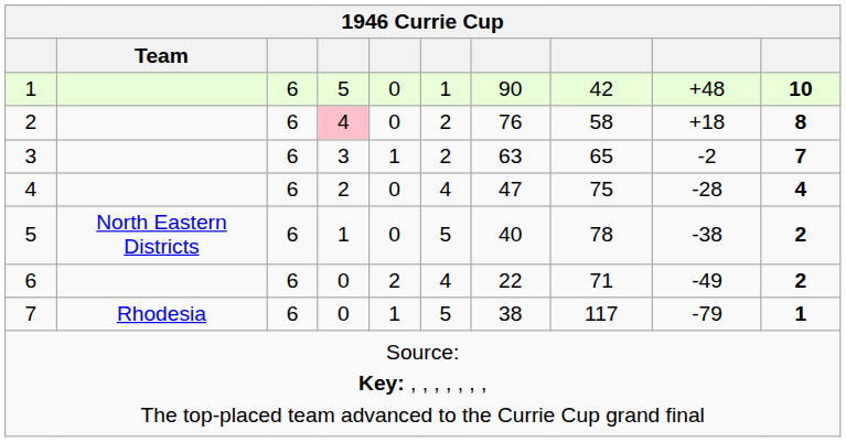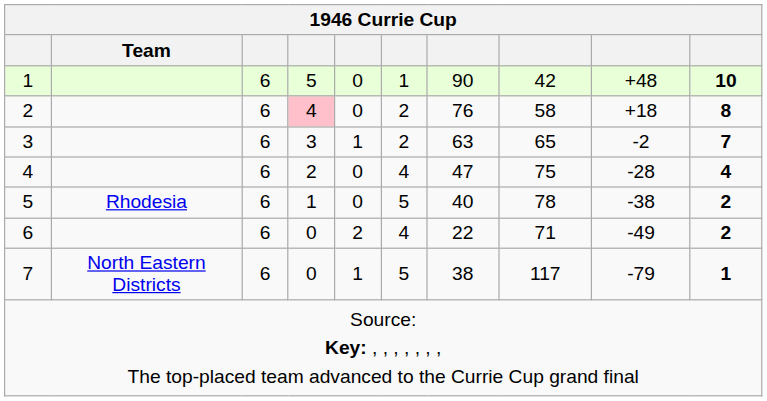 <table class="wikitable" style="min-width:50%; text-align:center">
 <tr>
 <th colspan="100%"><strong>1946 Currie Cup</strong></th>
 </tr>
 <tr>
 <th style="padding:0;"></th>
 <th style="width:9.5em;">Team</th>
 <th></th>
 <th></th>
 <th></th>
 <th></th>
 <th></th>
 <th></th>
 <th></th>
 <th><br></th>
 </tr>
 <tr style="background:#E8FFD8;">
 <td>1</td>
 <td align=left></td>
 <td>6</td>
 <td>5</td>
 <td>0</td>
 <td>1</td>
 <td>90</td>
 <td>42</td>
 <td>+48</td>
 <td><strong>10</strong></td>
 </tr>
 <tr>
 <td>2</td>
 <td align=left></td>
 <td>6</td>
 <td style="background: pink;">4</td>
 <td>0</td>
 <td>2</td>
 <td>76</td>
 <td>58</td>
 <td>+18</td>
 <td><strong>8</strong></td>
 </tr>
 <tr>
 <td>3</td>
 <td align=left></td>
 <td>6</td>
 <td>3</td>
 <td>1</td>
 <td>2</td>
 <td>63</td>
 <td>65</td>
 <td>-2</td>
 <td><strong>7</strong></td>
 </tr>
 <tr>
 <td>4</td>
 <td align=left></td>
 <td>6</td>
 <td>2</td>
 <td>0</td>
 <td>4</td>
 <td>47</td>
 <td>75</td>
 <td>-28</td>
 <td><strong>4</strong></td>
 </tr>
 <tr>
 <td>5</td>
-<td align><a href='#'>North Eastern Districts</a></td>
+<td align><a href='#'>Rhodesia</a></td>
 <td>6</td>
 <td>1</td>
 <td>0</td>
 <td>5</td>
 <td>40</td>
 <td>78</td>
 <td>-38</td>
 <td><strong>2</strong></td>
 </tr>
 <tr>
 <td>6</td>
 <td align></td>
 <td>6</td>
 <td>0</td>
 <td>2</td>
 <td>4</td>
 <td>22</td>
 <td>71</td>
 <td>-49</td>
 <td><strong>2</strong></td>
 </tr>
 <tr>
 <td>7</td>
-<td align><a href='#'>Rhodesia</a></td>
+<td align><a href='#'>North Eastern Districts</a></td>
 <td>6</td>
 <td>0</td>
 <td>1</td>
 <td>5</td>
 <td>38</td>
 <td>117</td>
 <td>-79</td>
 <td><strong>1</strong></td>
 </tr>
 <tr>
 <td colspan="100%" style="line-height:1.5;"><div> Source: <br><strong>Key:</strong> , , , , , , , <br><span>The top-placed team</span> advanced to the Currie Cup grand final</div></td>
 </tr>
 </table>
